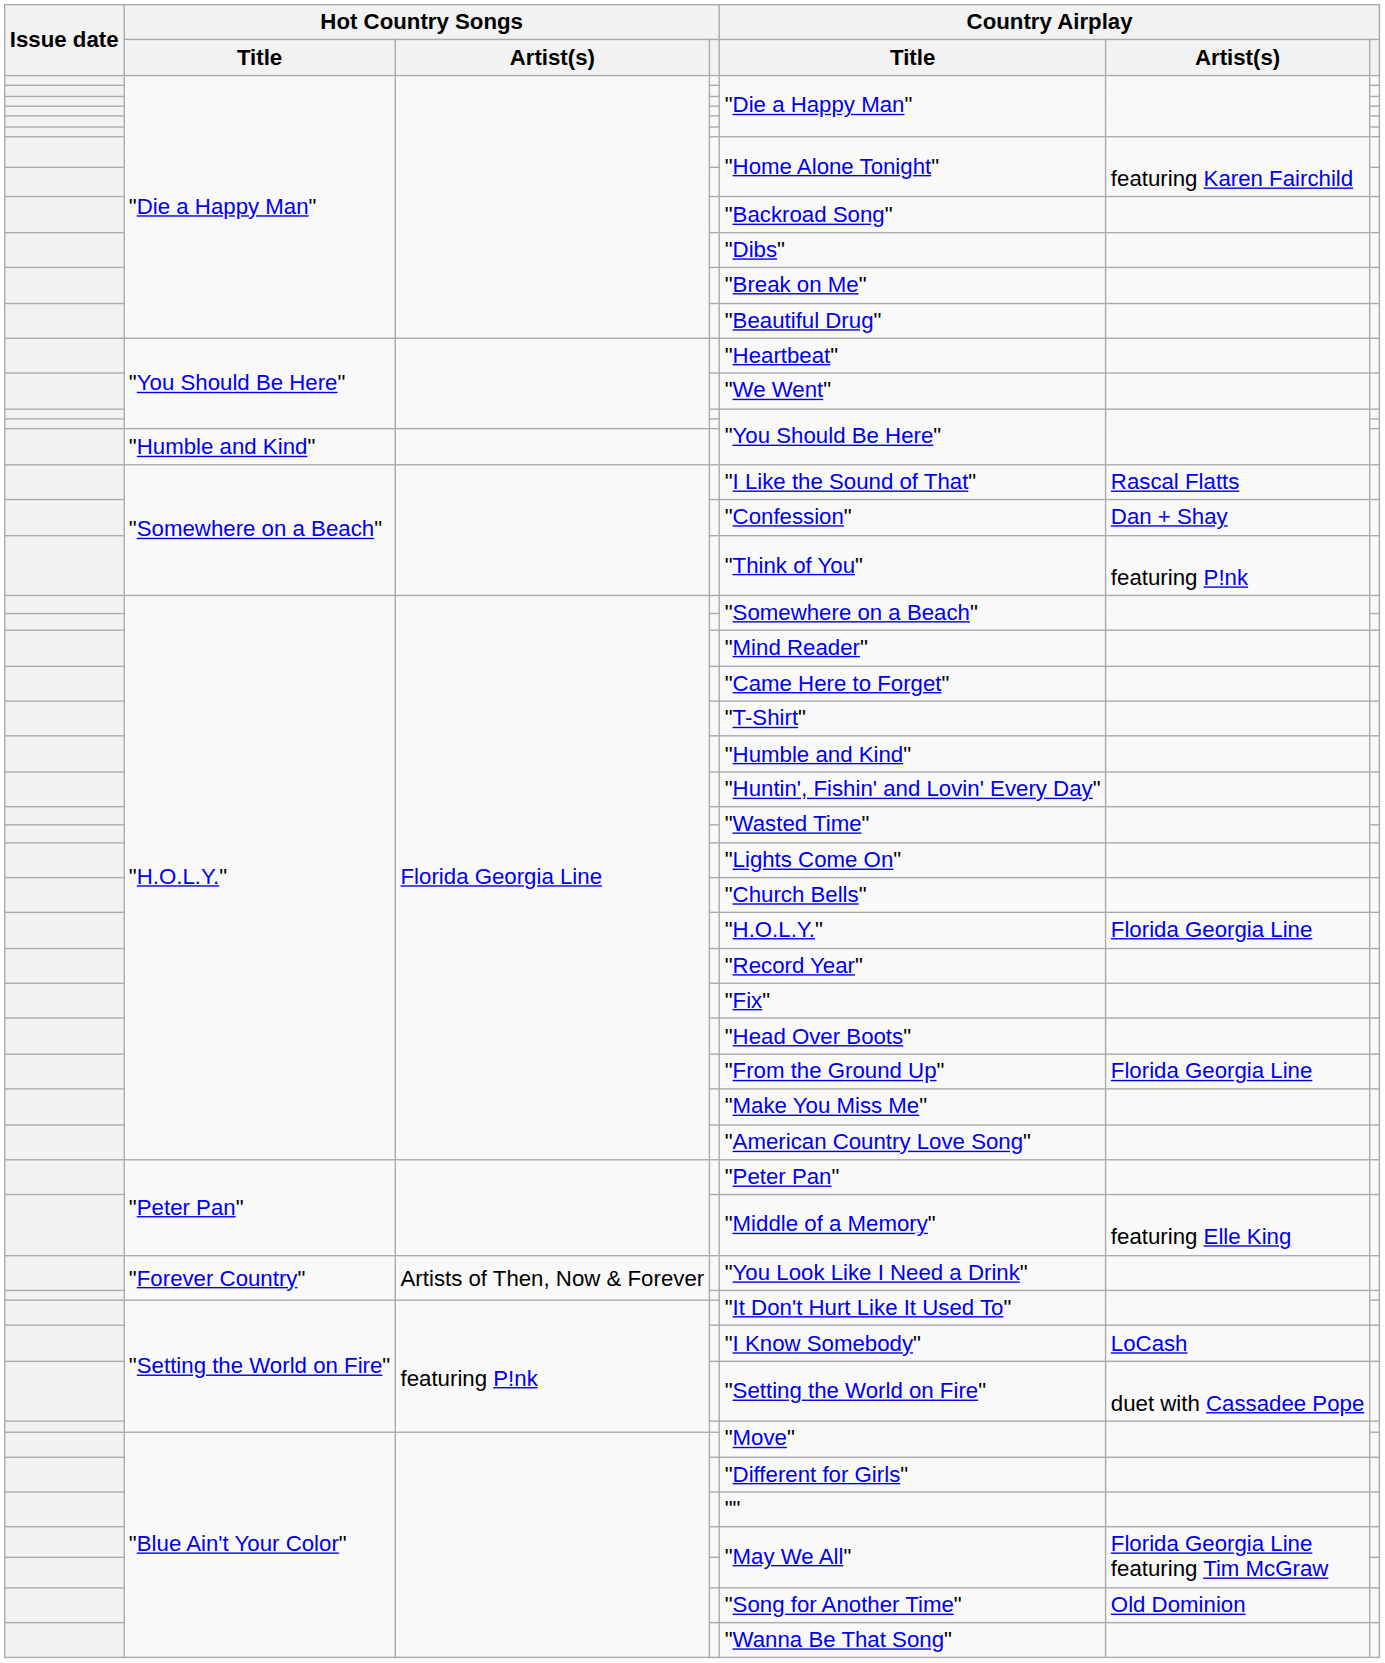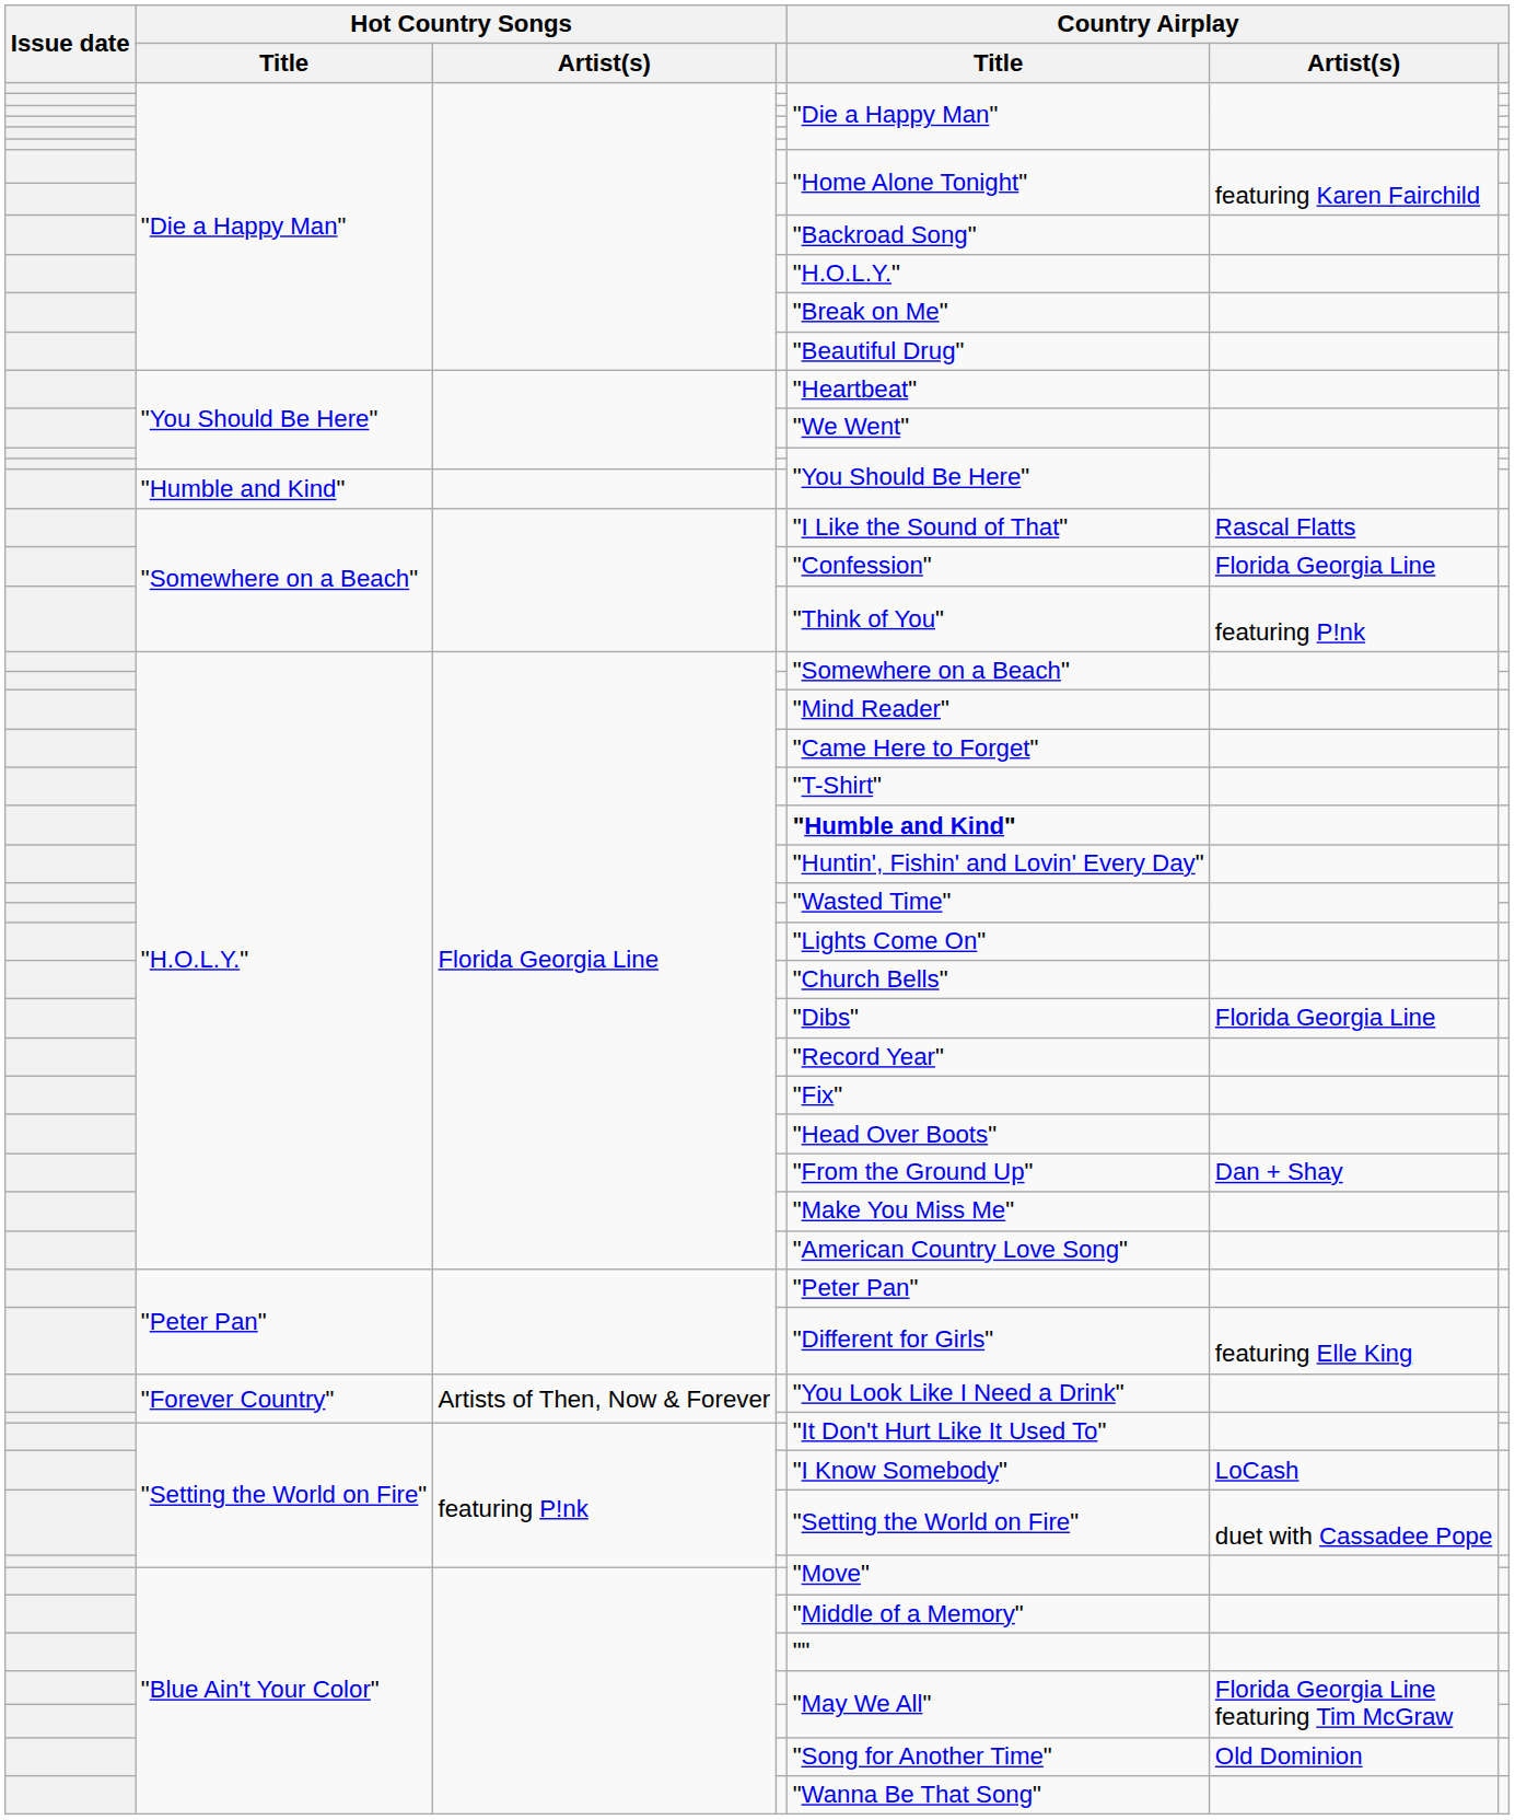 <table class="wikitable sortable plainrowheaders">
 <tr>
 <th scope=col rowspan=2>Issue date</th>
 <th scope=col colspan=3>Hot Country Songs</th>
 <th scope=col colspan=3>Country Airplay</th>
 </tr>
 <tr>
 <th scope=col>Title</th>
 <th scope=col>Artist(s)</th>
 <th scope=col class=unsortable></th>
 <th scope=col>Title</th>
 <th scope=col>Artist(s)</th>
 <th scope=col class=unsortable></th>
 </tr>
 <tr>
 <th scope=row></th>
 <td rowspan="12">"<a href='#'>Die a Happy Man</a>"</td>
 <td rowspan="12"></td>
 <td align=center></td>
 <td rowspan="6">"<a href='#'>Die a Happy Man</a>"</td>
 <td rowspan="6"></td>
 <td align=center></td>
 </tr>
 <tr>
 <th scope=row></th>
 <td align=center></td>
 <td align=center></td>
 </tr>
 <tr>
 <th scope=row></th>
 <td align=center></td>
 <td align=center></td>
 </tr>
 <tr>
 <th scope=row></th>
 <td align=center></td>
 <td align=center></td>
 </tr>
 <tr>
 <th scope=row></th>
 <td align=center></td>
 <td align=center></td>
 </tr>
 <tr>
 <th scope=row></th>
 <td align=center></td>
 <td align=center></td>
 </tr>
 <tr>
 <th scope=row></th>
 <td align=center></td>
 <td rowspan="2">"<a href='#'>Home Alone Tonight</a>"</td>
 <td rowspan="2"> <br>featuring <a href='#'>Karen Fairchild</a></td>
 <td align=center></td>
 </tr>
 <tr>
 <th scope=row></th>
 <td align=center></td>
 <td align=center></td>
 </tr>
 <tr>
 <th scope=row></th>
 <td align=center></td>
 <td>"<a href='#'>Backroad Song</a>"</td>
 <td></td>
 <td align=center></td>
 </tr>
 <tr>
 <th scope=row></th>
 <td align=center></td>
-<td>"<a href='#'>Dibs</a>"</td>
+<td>"<a href='#'>H.O.L.Y.</a>"</td>
 <td></td>
 <td align=center></td>
 </tr>
 <tr>
 <th scope=row></th>
 <td align=center></td>
 <td>"<a href='#'>Break on Me</a>"</td>
 <td></td>
 <td align=center></td>
 </tr>
 <tr>
 <th scope=row></th>
 <td align=center></td>
 <td>"<a href='#'>Beautiful Drug</a>"</td>
 <td></td>
 <td align=center></td>
 </tr>
 <tr>
 <th scope=row></th>
 <td rowspan="4">"<a href='#'>You Should Be Here</a>"</td>
 <td rowspan="4"></td>
 <td align=center></td>
 <td>"<a href='#'>Heartbeat</a>"</td>
 <td></td>
 <td align=center></td>
 </tr>
 <tr>
 <th scope=row></th>
 <td align=center></td>
 <td>"<a href='#'>We Went</a>"</td>
 <td></td>
 <td align=center></td>
 </tr>
 <tr>
 <th scope=row></th>
 <td align=center></td>
 <td rowspan="3">"<a href='#'>You Should Be Here</a>"</td>
 <td rowspan="3"></td>
 <td align=center></td>
 </tr>
 <tr>
 <th scope=row></th>
 <td align=center></td>
 <td align=center></td>
 </tr>
 <tr>
 <th scope=row></th>
 <td>"<a href='#'>Humble and Kind</a>"</td>
 <td></td>
 <td align=center></td>
 <td align=center></td>
 </tr>
 <tr>
 <th scope=row></th>
 <td rowspan="3">"<a href='#'>Somewhere on a Beach</a>"</td>
 <td rowspan="3"></td>
 <td align=center></td>
 <td>"<a href='#'>I Like the Sound of That</a>"</td>
 <td><a href='#'>Rascal Flatts</a></td>
 <td align=center></td>
 </tr>
 <tr>
 <th scope=row></th>
 <td align=center></td>
 <td>"<a href='#'>Confession</a>"</td>
-<td><a href='#'>Dan + Shay</a></td>
+<td><a href='#'>Florida Georgia Line</a></td>
 <td align=center></td>
 </tr>
 <tr>
 <th scope=row></th>
 <td align=center></td>
 <td>"<a href='#'>Think of You</a>"</td>
 <td> <br>featuring <a href='#'>P!nk</a></td>
 <td align=center></td>
 </tr>
 <tr>
 <th scope=row></th>
 <td rowspan="18">"<a href='#'>H.O.L.Y.</a>"</td>
 <td rowspan="18"><a href='#'>Florida Georgia Line</a></td>
 <td align=center></td>
 <td rowspan="2">"<a href='#'>Somewhere on a Beach</a>"</td>
 <td rowspan="2"></td>
 <td align=center></td>
 </tr>
 <tr>
 <th scope=row></th>
 <td align=center></td>
 <td align=center></td>
 </tr>
 <tr>
 <th scope=row></th>
 <td align=center></td>
 <td>"<a href='#'>Mind Reader</a>"</td>
 <td></td>
 <td align=center></td>
 </tr>
 <tr>
 <th scope=row></th>
 <td align=center></td>
 <td>"<a href='#'>Came Here to Forget</a>"</td>
 <td></td>
 <td align=center></td>
 </tr>
 <tr>
 <th scope=row></th>
 <td align=center></td>
 <td>"<a href='#'>T-Shirt</a>"</td>
 <td></td>
 <td align=center></td>
 </tr>
 <tr>
 <th scope=row></th>
 <td align=center></td>
-<td>"<a href='#'>Humble and Kind</a>"</td>
+<td><strong>"<a href='#'>Humble and Kind</a>"</strong></td>
 <td></td>
 <td align=center></td>
 </tr>
 <tr>
 <th scope=row></th>
 <td align=center></td>
 <td>"<a href='#'>Huntin', Fishin' and Lovin' Every Day</a>"</td>
 <td></td>
 <td align=center></td>
 </tr>
 <tr>
 <th scope=row></th>
 <td align=center></td>
 <td rowspan="2">"<a href='#'>Wasted Time</a>"</td>
 <td rowspan="2"></td>
 <td align=center></td>
 </tr>
 <tr>
 <th scope=row></th>
 <td align=center></td>
 <td align=center></td>
 </tr>
 <tr>
 <th scope=row></th>
 <td align=center></td>
 <td>"<a href='#'>Lights Come On</a>"</td>
 <td></td>
 <td align=center></td>
 </tr>
 <tr>
 <th scope=row></th>
 <td align=center></td>
 <td>"<a href='#'>Church Bells</a>"</td>
 <td></td>
 <td align=center></td>
 </tr>
 <tr>
 <th scope=row></th>
 <td align=center></td>
-<td>"<a href='#'>H.O.L.Y.</a>"</td>
+<td>"<a href='#'>Dibs</a>"</td>
 <td><a href='#'>Florida Georgia Line</a></td>
 <td align=center></td>
 </tr>
 <tr>
 <th scope=row></th>
 <td align=center></td>
 <td>"<a href='#'>Record Year</a>"</td>
 <td></td>
 <td align=center></td>
 </tr>
 <tr>
 <th scope=row></th>
 <td align=center></td>
 <td>"<a href='#'>Fix</a>"</td>
 <td></td>
 <td align=center></td>
 </tr>
 <tr>
 <th scope=row></th>
 <td align=center></td>
 <td>"<a href='#'>Head Over Boots</a>"</td>
 <td></td>
 <td align=center></td>
 </tr>
 <tr>
 <th scope=row></th>
 <td align=center></td>
 <td>"<a href='#'>From the Ground Up</a>"</td>
-<td><a href='#'>Florida Georgia Line</a></td>
+<td><a href='#'>Dan + Shay</a></td>
 <td align=center></td>
 </tr>
 <tr>
 <th scope=row></th>
 <td align=center></td>
 <td>"<a href='#'>Make You Miss Me</a>"</td>
 <td></td>
 <td align=center></td>
 </tr>
 <tr>
 <th scope=row></th>
 <td align=center></td>
 <td>"<a href='#'>American Country Love Song</a>"</td>
 <td></td>
 <td align=center></td>
 </tr>
 <tr>
 <th scope=row></th>
 <td rowspan="2">"<a href='#'>Peter Pan</a>"</td>
 <td rowspan="2"></td>
 <td align=center></td>
 <td>"<a href='#'>Peter Pan</a>"</td>
 <td></td>
 <td align=center></td>
 </tr>
 <tr>
 <th scope=row></th>
 <td align=center></td>
-<td>"<a href='#'>Middle of a Memory</a>"</td>
+<td>"<a href='#'>Different for Girls</a>"</td>
 <td> <br>featuring <a href='#'>Elle King</a></td>
 <td align=center></td>
 </tr>
 <tr>
 <th scope=row></th>
 <td rowspan="2">"<a href='#'>Forever Country</a>"</td>
 <td rowspan="2">Artists of Then, Now & Forever</td>
 <td align=center></td>
 <td>"<a href='#'>You Look Like I Need a Drink</a>"</td>
 <td></td>
 <td align=center></td>
 </tr>
 <tr>
 <th scope=row></th>
 <td align=center></td>
 <td rowspan="2">"<a href='#'>It Don't Hurt Like It Used To</a>"</td>
 <td rowspan="2"></td>
 <td align=center></td>
 </tr>
 <tr>
 <th scope=row></th>
 <td rowspan="4">"<a href='#'>Setting the World on Fire</a>"</td>
 <td rowspan="4"> <br>featuring <a href='#'>P!nk</a></td>
 <td align=center></td>
 <td align=center></td>
 </tr>
 <tr>
 <th scope=row></th>
 <td align=center></td>
 <td>"<a href='#'>I Know Somebody</a>"</td>
 <td><a href='#'>LoCash</a></td>
 <td align=center></td>
 </tr>
 <tr>
 <th scope=row></th>
 <td align=center></td>
 <td>"<a href='#'>Setting the World on Fire</a>"</td>
 <td> <br>duet with <a href='#'>Cassadee Pope</a></td>
 <td align=center></td>
 </tr>
 <tr>
 <th scope=row></th>
 <td align=center></td>
 <td rowspan="2">"<a href='#'>Move</a>"</td>
 <td rowspan="2"></td>
 <td align=center></td>
 </tr>
 <tr>
 <th scope=row></th>
 <td rowspan="7">"<a href='#'>Blue Ain't Your Color</a>"</td>
 <td rowspan="7"></td>
 <td align=center></td>
 <td align=center></td>
 </tr>
 <tr>
 <th scope=row></th>
 <td align=center></td>
-<td>"<a href='#'>Different for Girls</a>"</td>
+<td>"<a href='#'>Middle of a Memory</a>"</td>
 <td></td>
 <td align=center></td>
 </tr>
 <tr>
 <th scope=row></th>
 <td align=center></td>
 <td>""</td>
 <td></td>
 <td align=center></td>
 </tr>
 <tr>
 <th scope=row></th>
 <td align=center></td>
 <td rowspan="2">"<a href='#'>May We All</a>"</td>
 <td rowspan="2"><a href='#'>Florida Georgia Line</a> <br>featuring <a href='#'>Tim McGraw</a></td>
 <td align=center></td>
 </tr>
 <tr>
 <th scope=row></th>
 <td align=center></td>
 <td align=center></td>
 </tr>
 <tr>
 <th scope=row></th>
 <td align=center></td>
 <td>"<a href='#'>Song for Another Time</a>"</td>
 <td><a href='#'>Old Dominion</a></td>
 <td align=center></td>
 </tr>
 <tr>
 <th scope=row></th>
 <td align=center></td>
 <td>"<a href='#'>Wanna Be That Song</a>"</td>
 <td></td>
 <td align=center></td>
 </tr>
 </table>
